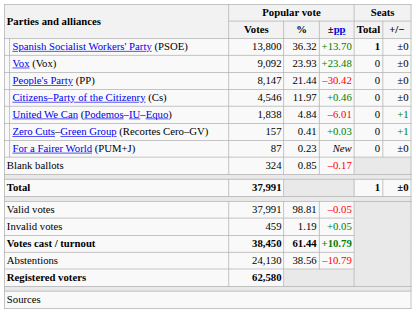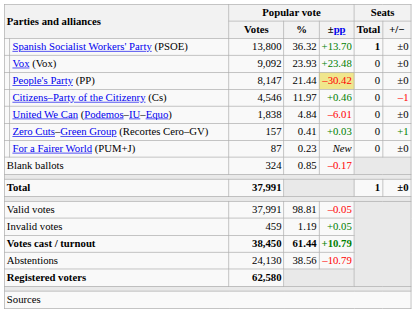 <table class="wikitable" style="text-align:right;">
 <tr>
 <th style="text-align:left;" rowspan="2" colspan="2" width="525">Parties and alliances</th>
 <th colspan="3">Popular vote</th>
 <th colspan="2">Seats</th>
 </tr>
 <tr>
 <th width="75">Votes</th>
 <th width="45">%</th>
 <th width="45">±<a href='#'>pp</a></th>
 <th width="35">Total</th>
 <th width="35">+/−</th>
 </tr>
 <tr>
 <td width="1" style="color:inherit;background:"></td>
 <td align="left"><a href='#'>Spanish Socialist Workers' Party</a> (PSOE)</td>
 <td>13,800</td>
 <td>36.32</td>
 <td style="color:green;">+13.70</td>
 <td><strong>1</strong></td>
 <td>±0</td>
 </tr>
 <tr>
 <td style="color:inherit;background:"></td>
 <td align="left"><a href='#'>Vox</a> (Vox)</td>
 <td>9,092</td>
 <td>23.93</td>
 <td style="color:green;">+23.48</td>
 <td>0</td>
 <td>±0</td>
 </tr>
 <tr>
 <td style="color:inherit;background:"></td>
 <td align="left"><a href='#'>People's Party</a> (PP)</td>
 <td>8,147</td>
 <td>21.44</td>
-<td style="color:red;">–30.42</td>
+<td style="background: khaki; color:red;">–30.42</td>
 <td>0</td>
 <td>±0</td>
 </tr>
 <tr>
 <td style="color:inherit;background:"></td>
 <td align="left"><a href='#'>Citizens–Party of the Citizenry</a> (Cs)</td>
 <td>4,546</td>
 <td>11.97</td>
 <td style="color:green;">+0.46</td>
 <td>0</td>
-<td>±0</td>
+<td style="color:red;">–1</td>
 </tr>
 <tr>
 <td style="color:inherit;background:"></td>
 <td align="left"><a href='#'>United We Can</a> (<a href='#'>Podemos</a>–<a href='#'>IU</a>–<a href='#'>Equo</a>)</td>
 <td>1,838</td>
 <td>4.84</td>
 <td style="color:red;">–6.01</td>
 <td>0</td>
-<td style="color:green;">+1</td>
+<td>±0</td>
 </tr>
 <tr>
 <td style="color:inherit;background:"></td>
 <td align="left"><a href='#'>Zero Cuts</a>–<a href='#'>Green Group</a> (Recortes Cero–GV)</td>
 <td>157</td>
 <td>0.41</td>
 <td style="color:green;">+0.03</td>
 <td>0</td>
 <td style="color:green;">+1</td>
 </tr>
 <tr>
 <td style="color:inherit;background:"></td>
 <td align="left"><a href='#'>For a Fairer World</a> (PUM+J)</td>
 <td>87</td>
 <td>0.23</td>
 <td><em>New</em></td>
 <td>0</td>
 <td>±0</td>
 </tr>
 <tr>
 <td align="left" colspan="2">Blank ballots</td>
 <td>324</td>
 <td>0.85</td>
 <td style="color:red;">–0.17</td>
 <td bgcolor="#E9E9E9" colspan="2"></td>
 </tr>
 <tr>
 <td colspan="7" bgcolor="#E9E9E9"></td>
 </tr>
 <tr style="font-weight:bold;">
 <td align="left" colspan="2">Total</td>
 <td>37,991</td>
 <td bgcolor="#E9E9E9" colspan="2"></td>
 <td>1</td>
 <td>±0</td>
 </tr>
 <tr>
 <td colspan="7" bgcolor="#E9E9E9"></td>
 </tr>
 <tr>
 <td align="left" colspan="2">Valid votes</td>
 <td>37,991</td>
 <td>98.81</td>
 <td style="color:red;">–0.05</td>
 <td bgcolor="#E9E9E9" colspan="2" rowspan="5"></td>
 </tr>
 <tr>
 <td align="left" colspan="2">Invalid votes</td>
 <td>459</td>
 <td>1.19</td>
 <td style="color:green;">+0.05</td>
 </tr>
 <tr style="font-weight:bold;">
 <td align="left" colspan="2">Votes cast / turnout</td>
 <td>38,450</td>
 <td>61.44</td>
 <td style="color:green;">+10.79</td>
 </tr>
 <tr>
 <td align="left" colspan="2">Abstentions</td>
 <td>24,130</td>
 <td>38.56</td>
 <td style="color:red;">–10.79</td>
 </tr>
 <tr style="font-weight:bold;">
 <td align="left" colspan="2">Registered voters</td>
 <td>62,580</td>
 <td bgcolor="#E9E9E9" colspan="2"></td>
 </tr>
 <tr>
 <td colspan="7" bgcolor="#E9E9E9"></td>
 </tr>
 <tr>
 <td align="left" colspan="7">Sources</td>
 </tr>
 </table>
